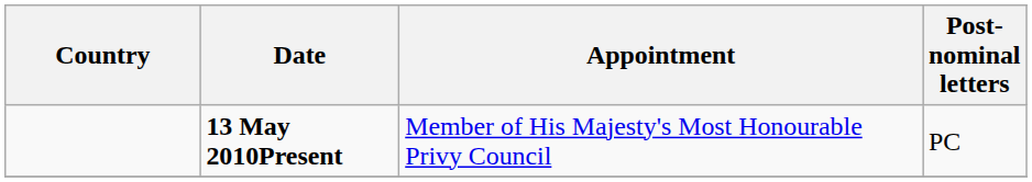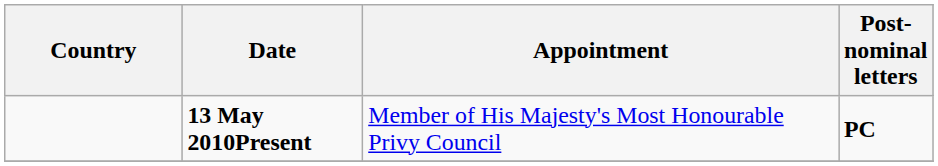 <table class="wikitable" style="width:100%;">
 <tr>
 <th style="width:20%;">Country</th>
 <th style="width:20%;">Date</th>
 <th style="width:55%;">Appointment</th>
 <th style="width:5%;">Post-nominal letters</th>
 </tr>
 <tr>
 <td></td>
 <td><strong>13 May 2010Present</strong></td>
 <td><a href='#'>Member of His Majesty's Most Honourable Privy Council</a></td>
-<td>PC</td>
+<td><strong>PC</strong></td>
 </tr>
 <tr>
 </tr>
 </table>
